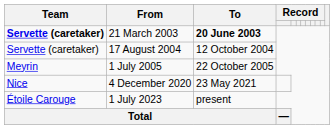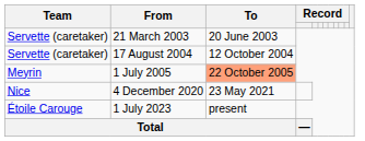 <table class="wikitable" style="text-align: center">
 <tr>
 <th rowspan="2">Team</th>
 <th rowspan="2">From</th>
 <th rowspan="2">To</th>
 <th colspan="8">Record</th>
 <th rowspan=2></th>
 </tr>
 <tr>
 <th></th>
 <th></th>
 <th></th>
 <th></th>
 <th></th>
 <th></th>
 <th></th>
 <th></th>
 </tr>
 <tr>
-<td align=left><strong> <a href='#'>Servette</a> (caretaker)</strong></td>
+<td align=left> <a href='#'>Servette</a> (caretaker)</td>
 <td align=left>21 March 2003</td>
-<td align=left><strong>20 June 2003<br></strong></td>
+<td align=left>20 June 2003<br></td>
 </tr>
 <tr>
 <td align=left> <a href='#'>Servette</a> (caretaker)</td>
 <td align=left>17 August 2004</td>
 <td align=left>12 October 2004<br></td>
 </tr>
 <tr>
 <td align=left> <a href='#'>Meyrin</a></td>
 <td align=left>1 July 2005</td>
-<td align=left>22 October 2005<br></td>
+<td align=left style="background: lightsalmon;">22 October 2005<br></td>
 </tr>
 <tr>
 <td align=left> <a href='#'>Nice</a></td>
 <td align=left>4 December 2020</td>
 <td align=left>23 May 2021<br></td>
 <td></td>
 </tr>
 <tr>
 <td align=left> <a href='#'>Étoile Carouge</a></td>
 <td align=left>1 July 2023</td>
 <td align=left>present<br></td>
 </tr>
 <tr>
 <th colspan="3">Total<br></th>
 <th>—</th>
 </tr>
 </table>
